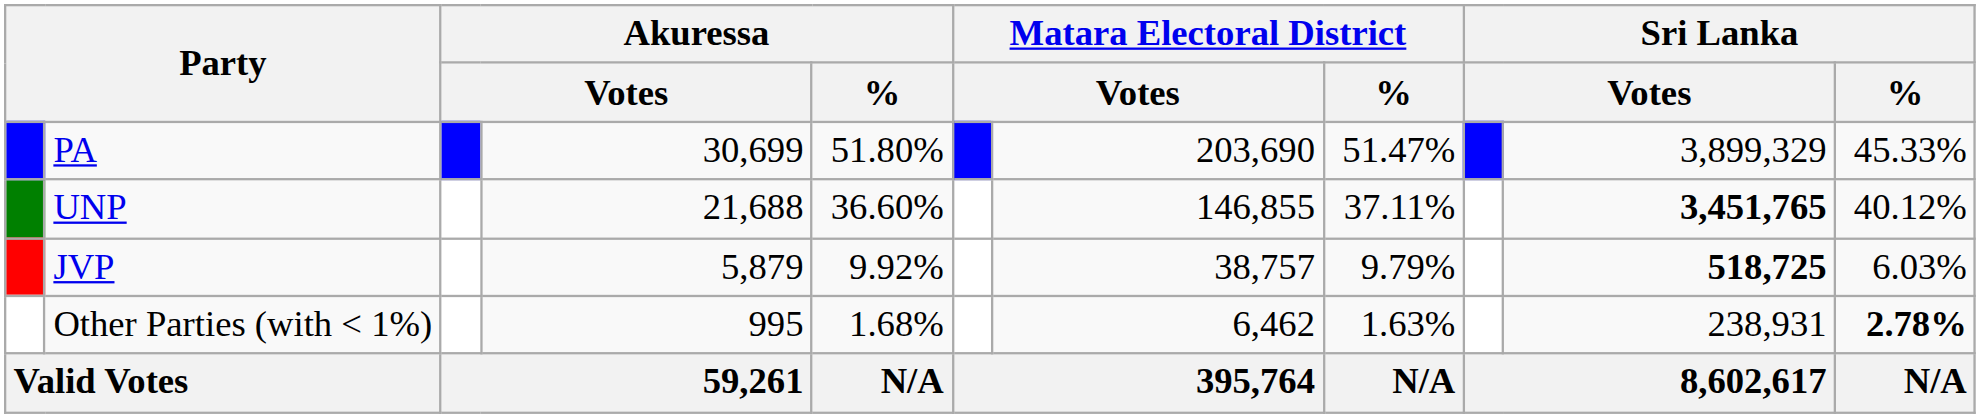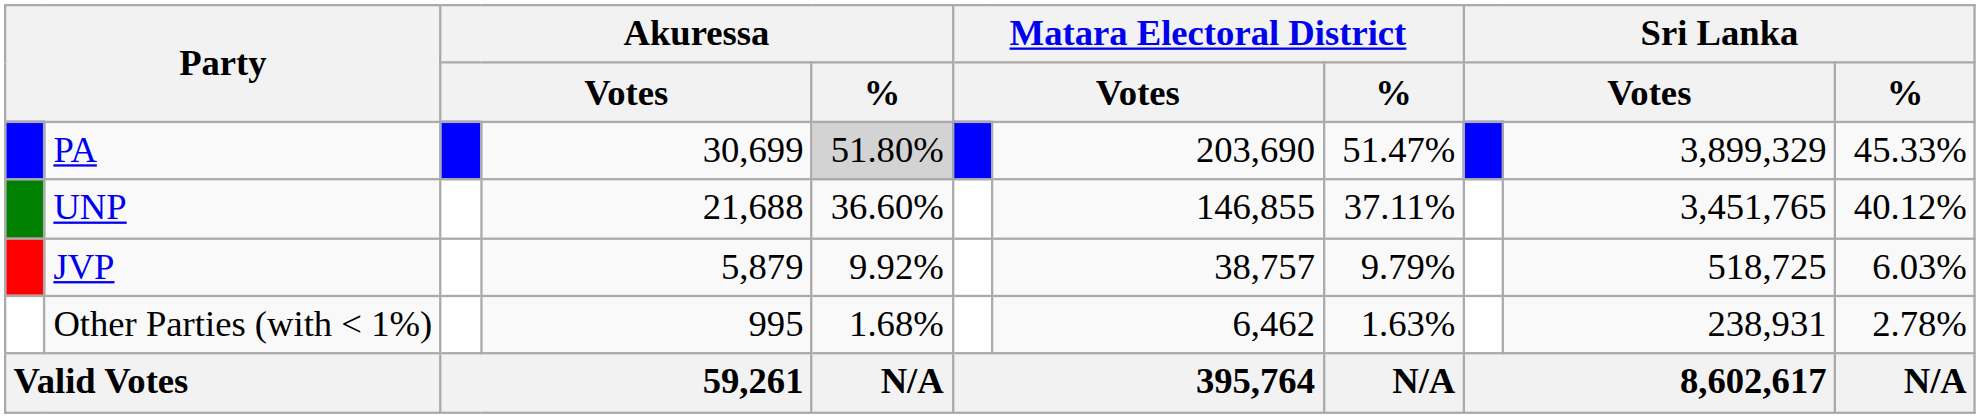 <table class="wikitable">
 <tr>
 <th colspan="2" width="144px"rowspan="2">Party</th>
 <th colspan="3" width="216px">Akuressa</th>
 <th colspan="3" width="216px"><a href='#'>Matara Electoral District</a></th>
 <th colspan="3" width="216px">Sri Lanka</th>
 </tr>
 <tr>
 <th colspan="2" width="144px">Votes</th>
 <th>%</th>
 <th colspan="2" width="144px">Votes</th>
 <th>%</th>
 <th colspan="2" width="144px">Votes</th>
 <th>%</th>
 </tr>
 <tr>
 <td style="background-color:blue;" width="10px"></td>
 <td style="text-align:left;"><a href='#'>PA</a></td>
 <td style="background-color:blue;" width="10px"></td>
 <td style="text-align:right;">30,699</td>
-<td style="text-align:right;">51.80%</td>
+<td style="background: lightgrey; text-align:right;">51.80%</td>
 <td style="background-color:blue;" width="10px"></td>
 <td style="text-align:right;">203,690</td>
 <td style="text-align:right;">51.47%</td>
 <td style="background-color:blue;" width="10px"></td>
 <td style="text-align:right;">3,899,329</td>
 <td style="text-align:right;">45.33%</td>
 </tr>
 <tr>
 <td style="background-color:green;" width="10px"></td>
 <td style="text-align:left;"><a href='#'>UNP</a></td>
 <td style="background-color:white;" width="10px"></td>
 <td style="text-align:right;">21,688</td>
 <td style="text-align:right;">36.60%</td>
 <td style="background-color:white;" width="10px"></td>
 <td style="text-align:right;">146,855</td>
 <td style="text-align:right;">37.11%</td>
 <td style="background-color:white;" width="10px"></td>
-<td style="text-align:right;"><strong>3,451,765</strong></td>
+<td style="text-align:right;">3,451,765</td>
 <td style="text-align:right;">40.12%</td>
 </tr>
 <tr>
 <td style="background-color:red;" width="10px"></td>
 <td style="text-align:left;"><a href='#'>JVP</a></td>
 <td style="background-color:white;" width="10px"></td>
 <td style="text-align:right;">5,879</td>
 <td style="text-align:right;">9.92%</td>
 <td style="background-color:white;" width="10px"></td>
 <td style="text-align:right;">38,757</td>
 <td style="text-align:right;">9.79%</td>
 <td style="background-color:white;" width="10px"></td>
-<td style="text-align:right;"><strong>518,725</strong></td>
+<td style="text-align:right;">518,725</td>
 <td style="text-align:right;">6.03%</td>
 </tr>
 <tr>
 <td style="background-color:white;" width="10px"></td>
 <td style="text-align:left;">Other Parties (with < 1%)</td>
 <td style="background-color:white;" width="10px"></td>
 <td style="text-align:right;">995</td>
 <td style="text-align:right;">1.68%</td>
 <td style="background-color:white;" width="10px"></td>
 <td style="text-align:right;">6,462</td>
 <td style="text-align:right;">1.63%</td>
 <td style="background-color:white;" width="10px"></td>
 <td style="text-align:right;">238,931</td>
-<td style="text-align:right;"><strong>2.78%</strong></td>
+<td style="text-align:right;">2.78%</td>
 </tr>
 <tr>
 <th colspan="2" width="144px"style="text-align:left;">Valid Votes</th>
 <th style="text-align:right;"colspan="2" width="144px">59,261</th>
 <th style="text-align:right;">N/A</th>
 <th style="text-align:right;"colspan="2" width="144px">395,764</th>
 <th style="text-align:right;">N/A</th>
 <th style="text-align:right;"colspan="2" width="144px">8,602,617</th>
 <th style="text-align:right;">N/A</th>
 </tr>
 </table>
